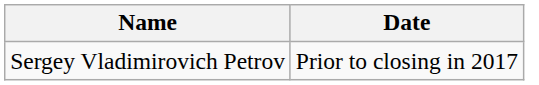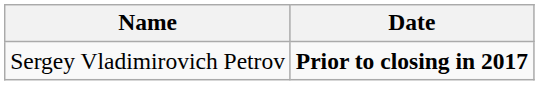 <table class="wikitable">
 <tr>
 <th>Name</th>
 <th>Date</th>
 </tr>
 <tr>
 <td>Sergey Vladimirovich Petrov </td>
-<td>Prior to closing in 2017</td>
+<td><strong>Prior to closing in 2017</strong></td>
 </tr>
 </table>
